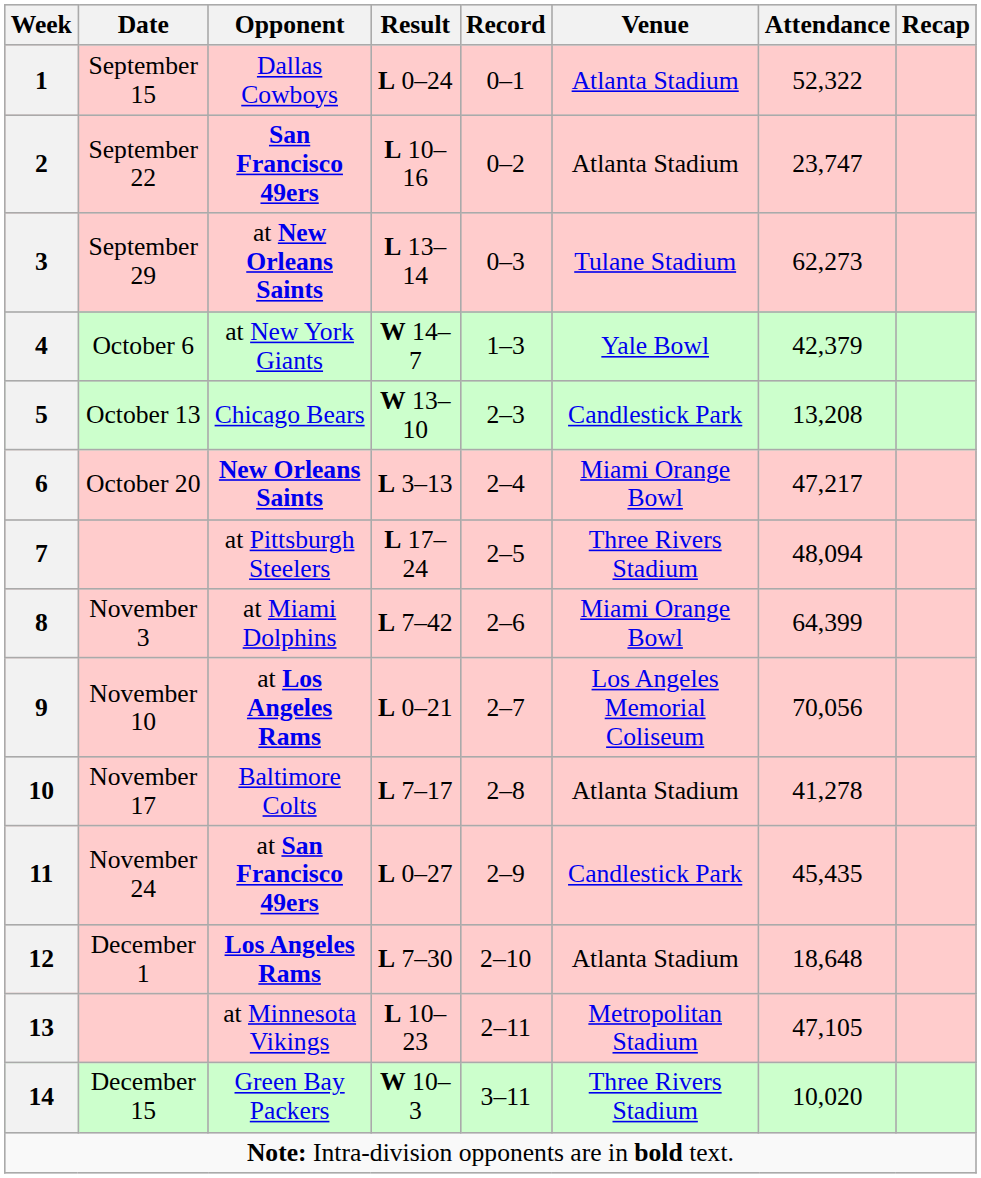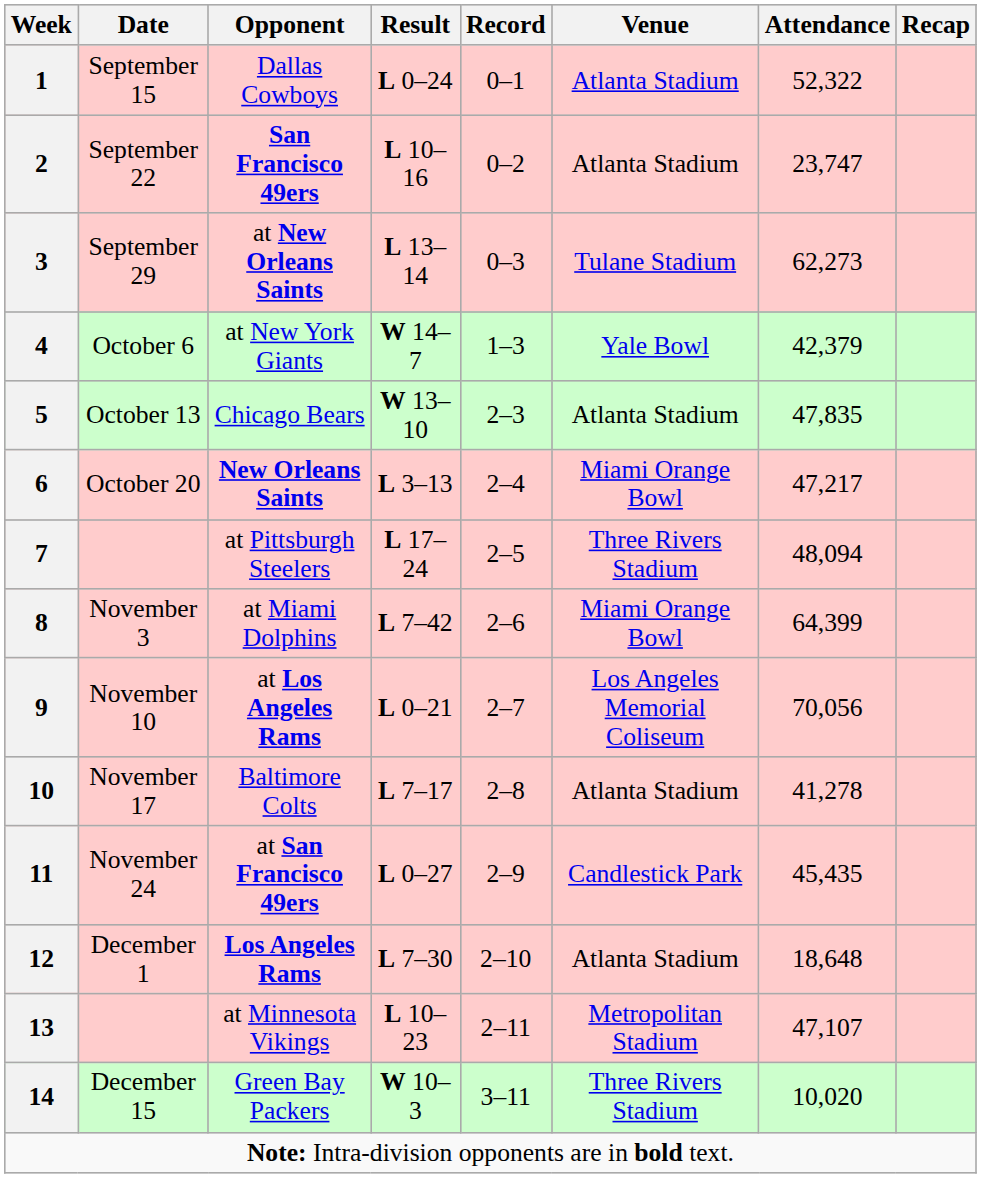 <table class="wikitable" style="text-align:center">
 <tr>
 <th>Week</th>
 <th>Date</th>
 <th>Opponent</th>
 <th>Result</th>
 <th>Record</th>
 <th>Venue</th>
 <th>Attendance</th>
 <th>Recap</th>
 </tr>
 <tr style="background:#fcc">
 <th>1</th>
 <td>September 15</td>
 <td><a href='#'>Dallas Cowboys</a></td>
 <td><strong>L</strong> 0–24</td>
 <td>0–1</td>
 <td><a href='#'>Atlanta Stadium</a></td>
 <td>52,322</td>
 <td></td>
 </tr>
 <tr style="background:#fcc">
 <th>2</th>
 <td>September 22</td>
 <td><strong><a href='#'>San Francisco 49ers</a></strong></td>
 <td><strong>L</strong> 10–16</td>
 <td>0–2</td>
 <td>Atlanta Stadium</td>
 <td>23,747</td>
 <td></td>
 </tr>
 <tr style="background:#fcc">
 <th>3</th>
 <td>September 29</td>
 <td>at <strong><a href='#'>New Orleans Saints</a></strong></td>
 <td><strong>L</strong> 13–14</td>
 <td>0–3</td>
 <td><a href='#'>Tulane Stadium</a></td>
 <td>62,273</td>
 <td></td>
 </tr>
 <tr style="background:#cfc">
 <th>4</th>
 <td>October 6</td>
 <td>at <a href='#'>New York Giants</a></td>
 <td><strong>W</strong> 14–7</td>
 <td>1–3</td>
 <td><a href='#'>Yale Bowl</a></td>
 <td>42,379</td>
 <td></td>
 </tr>
 <tr style="background:#cfc">
 <th>5</th>
 <td>October 13</td>
 <td><a href='#'>Chicago Bears</a></td>
 <td><strong>W</strong> 13–10</td>
 <td>2–3</td>
-<td><a href='#'>Candlestick Park</a></td>
-<td>13,208</td>
+<td>Atlanta Stadium</td>
+<td>47,835</td>
 <td></td>
 </tr>
 <tr style="background:#fcc">
 <th>6</th>
 <td>October 20</td>
 <td><strong><a href='#'>New Orleans Saints</a></strong></td>
 <td><strong>L</strong> 3–13</td>
 <td>2–4</td>
 <td><a href='#'>Miami Orange Bowl</a></td>
 <td>47,217</td>
 <td></td>
 </tr>
 <tr style="background:#fcc">
 <th>7</th>
 <td></td>
 <td>at <a href='#'>Pittsburgh Steelers</a></td>
 <td><strong>L</strong> 17–24</td>
 <td>2–5</td>
 <td><a href='#'>Three Rivers Stadium</a></td>
 <td>48,094</td>
 <td></td>
 </tr>
 <tr style="background:#fcc">
 <th>8</th>
 <td>November 3</td>
 <td>at <a href='#'>Miami Dolphins</a></td>
 <td><strong>L</strong> 7–42</td>
 <td>2–6</td>
 <td><a href='#'>Miami Orange Bowl</a></td>
 <td>64,399</td>
 <td></td>
 </tr>
 <tr style="background:#fcc">
 <th>9</th>
 <td>November 10</td>
 <td>at <strong><a href='#'>Los Angeles Rams</a></strong></td>
 <td><strong>L</strong> 0–21</td>
 <td>2–7</td>
 <td><a href='#'>Los Angeles Memorial Coliseum</a></td>
 <td>70,056</td>
 <td></td>
 </tr>
 <tr style="background:#fcc">
 <th>10</th>
 <td>November 17</td>
 <td><a href='#'>Baltimore Colts</a></td>
 <td><strong>L</strong> 7–17</td>
 <td>2–8</td>
 <td>Atlanta Stadium</td>
 <td>41,278</td>
 <td></td>
 </tr>
 <tr style="background:#fcc">
 <th>11</th>
 <td>November 24</td>
 <td>at <strong><a href='#'>San Francisco 49ers</a></strong></td>
 <td><strong>L</strong> 0–27</td>
 <td>2–9</td>
 <td><a href='#'>Candlestick Park</a></td>
 <td>45,435</td>
 <td></td>
 </tr>
 <tr style="background:#fcc">
 <th>12</th>
 <td>December 1</td>
 <td><strong><a href='#'>Los Angeles Rams</a></strong></td>
 <td><strong>L</strong> 7–30</td>
 <td>2–10</td>
 <td>Atlanta Stadium</td>
 <td>18,648</td>
 <td></td>
 </tr>
 <tr style="background:#fcc">
 <th>13</th>
 <td></td>
 <td>at <a href='#'>Minnesota Vikings</a></td>
 <td><strong>L</strong> 10–23</td>
 <td>2–11</td>
 <td><a href='#'>Metropolitan Stadium</a></td>
-<td>47,105</td>
+<td>47,107</td>
 <td></td>
 </tr>
 <tr style="background:#cfc">
 <th>14</th>
 <td>December 15</td>
 <td><a href='#'>Green Bay Packers</a></td>
 <td><strong>W</strong> 10–3</td>
 <td>3–11</td>
 <td><a href='#'>Three Rivers Stadium</a></td>
 <td>10,020</td>
 <td></td>
 </tr>
 <tr>
 <td colspan="8"><strong>Note:</strong> Intra-division opponents are in <strong>bold</strong> text.</td>
 </tr>
 </table>
